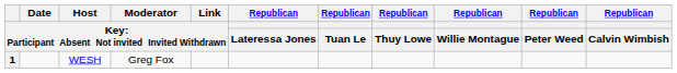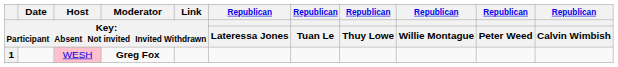 <table class="wikitable" style="text-align:center;">
 <tr>
 <th scope="col"></th>
 <th scope="col">Date</th>
 <th scope="col">Host</th>
 <th scope="col">Moderator</th>
 <th scope="col">Link</th>
 <th scope="col"><small><a href='#'>Republican</a></small></th>
 <th scope="col"><small><a href='#'>Republican</a></small></th>
 <th scope="col"><small><a href='#'>Republican</a></small></th>
 <th scope="col"><small><a href='#'>Republican</a></small></th>
 <th scope="col"><small><a href='#'>Republican</a></small></th>
 <th scope="col"><small><a href='#'>Republican</a></small></th>
 </tr>
 <tr>
 <th colspan="5" rowspan="2">Key:<br> <small>Participant </small>  <small>Absent </small>  <small>Not invited </small>  <small>Invited  Withdrawn</small></th>
 <th scope="col" style="background:"></th>
 <th scope="col" style="background:"></th>
 <th scope="col" style="background:"></th>
 <th scope="col" style="background:"></th>
 <th scope="col" style="background:"></th>
 <th scope="col" style="background:"></th>
 </tr>
 <tr>
 <th scope="col">Lateressa Jones</th>
 <th scope="col">Tuan Le</th>
 <th scope="col">Thuy Lowe</th>
 <th scope="col">Willie Montague</th>
 <th scope="col">Peter Weed</th>
 <th scope="col">Calvin Wimbish</th>
 </tr>
 <tr>
 <th>1</th>
 <td style="white-space:nowrap;"></td>
-<td style="white-space:nowrap;"><a href='#'>WESH</a></td>
-<td style="white-space:nowrap;">Greg Fox</td>
+<td style="background: pink; white-space:nowrap;"><a href='#'>WESH</a></td>
+<td style="white-space:nowrap;"><strong>Greg Fox</strong></td>
 <td style="white-space:nowrap;"></td>
 <td></td>
 <td></td>
 <td></td>
 <td></td>
 <td></td>
 <td></td>
 </tr>
 </table>
